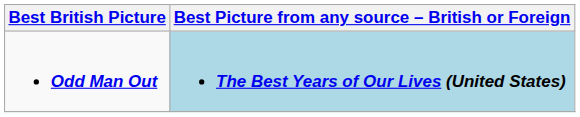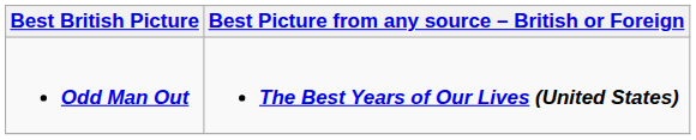 <table class="wikitable">
 <tr>
 <th style="background:"><a href='#'>Best British Picture</a></th>
 <th style="background:"><a href='#'>Best Picture from any source – British or Foreign</a></th>
 </tr>
 <tr>
 <td valign="top"><br><ul><li><strong><em><a href='#'>Odd Man Out</a></em></strong></li></ul></td>
-<td valign="top" style="background: lightblue;"><br><ul><li><strong><em><a href='#'>The Best Years of Our Lives</a><em> (United States)<strong></li></ul></td>
+<td valign="top"><br><ul><li><strong><em><a href='#'>The Best Years of Our Lives</a><em> (United States)<strong></li></ul></td>
 </tr>
 <tr>
 </tr>
 </table>
